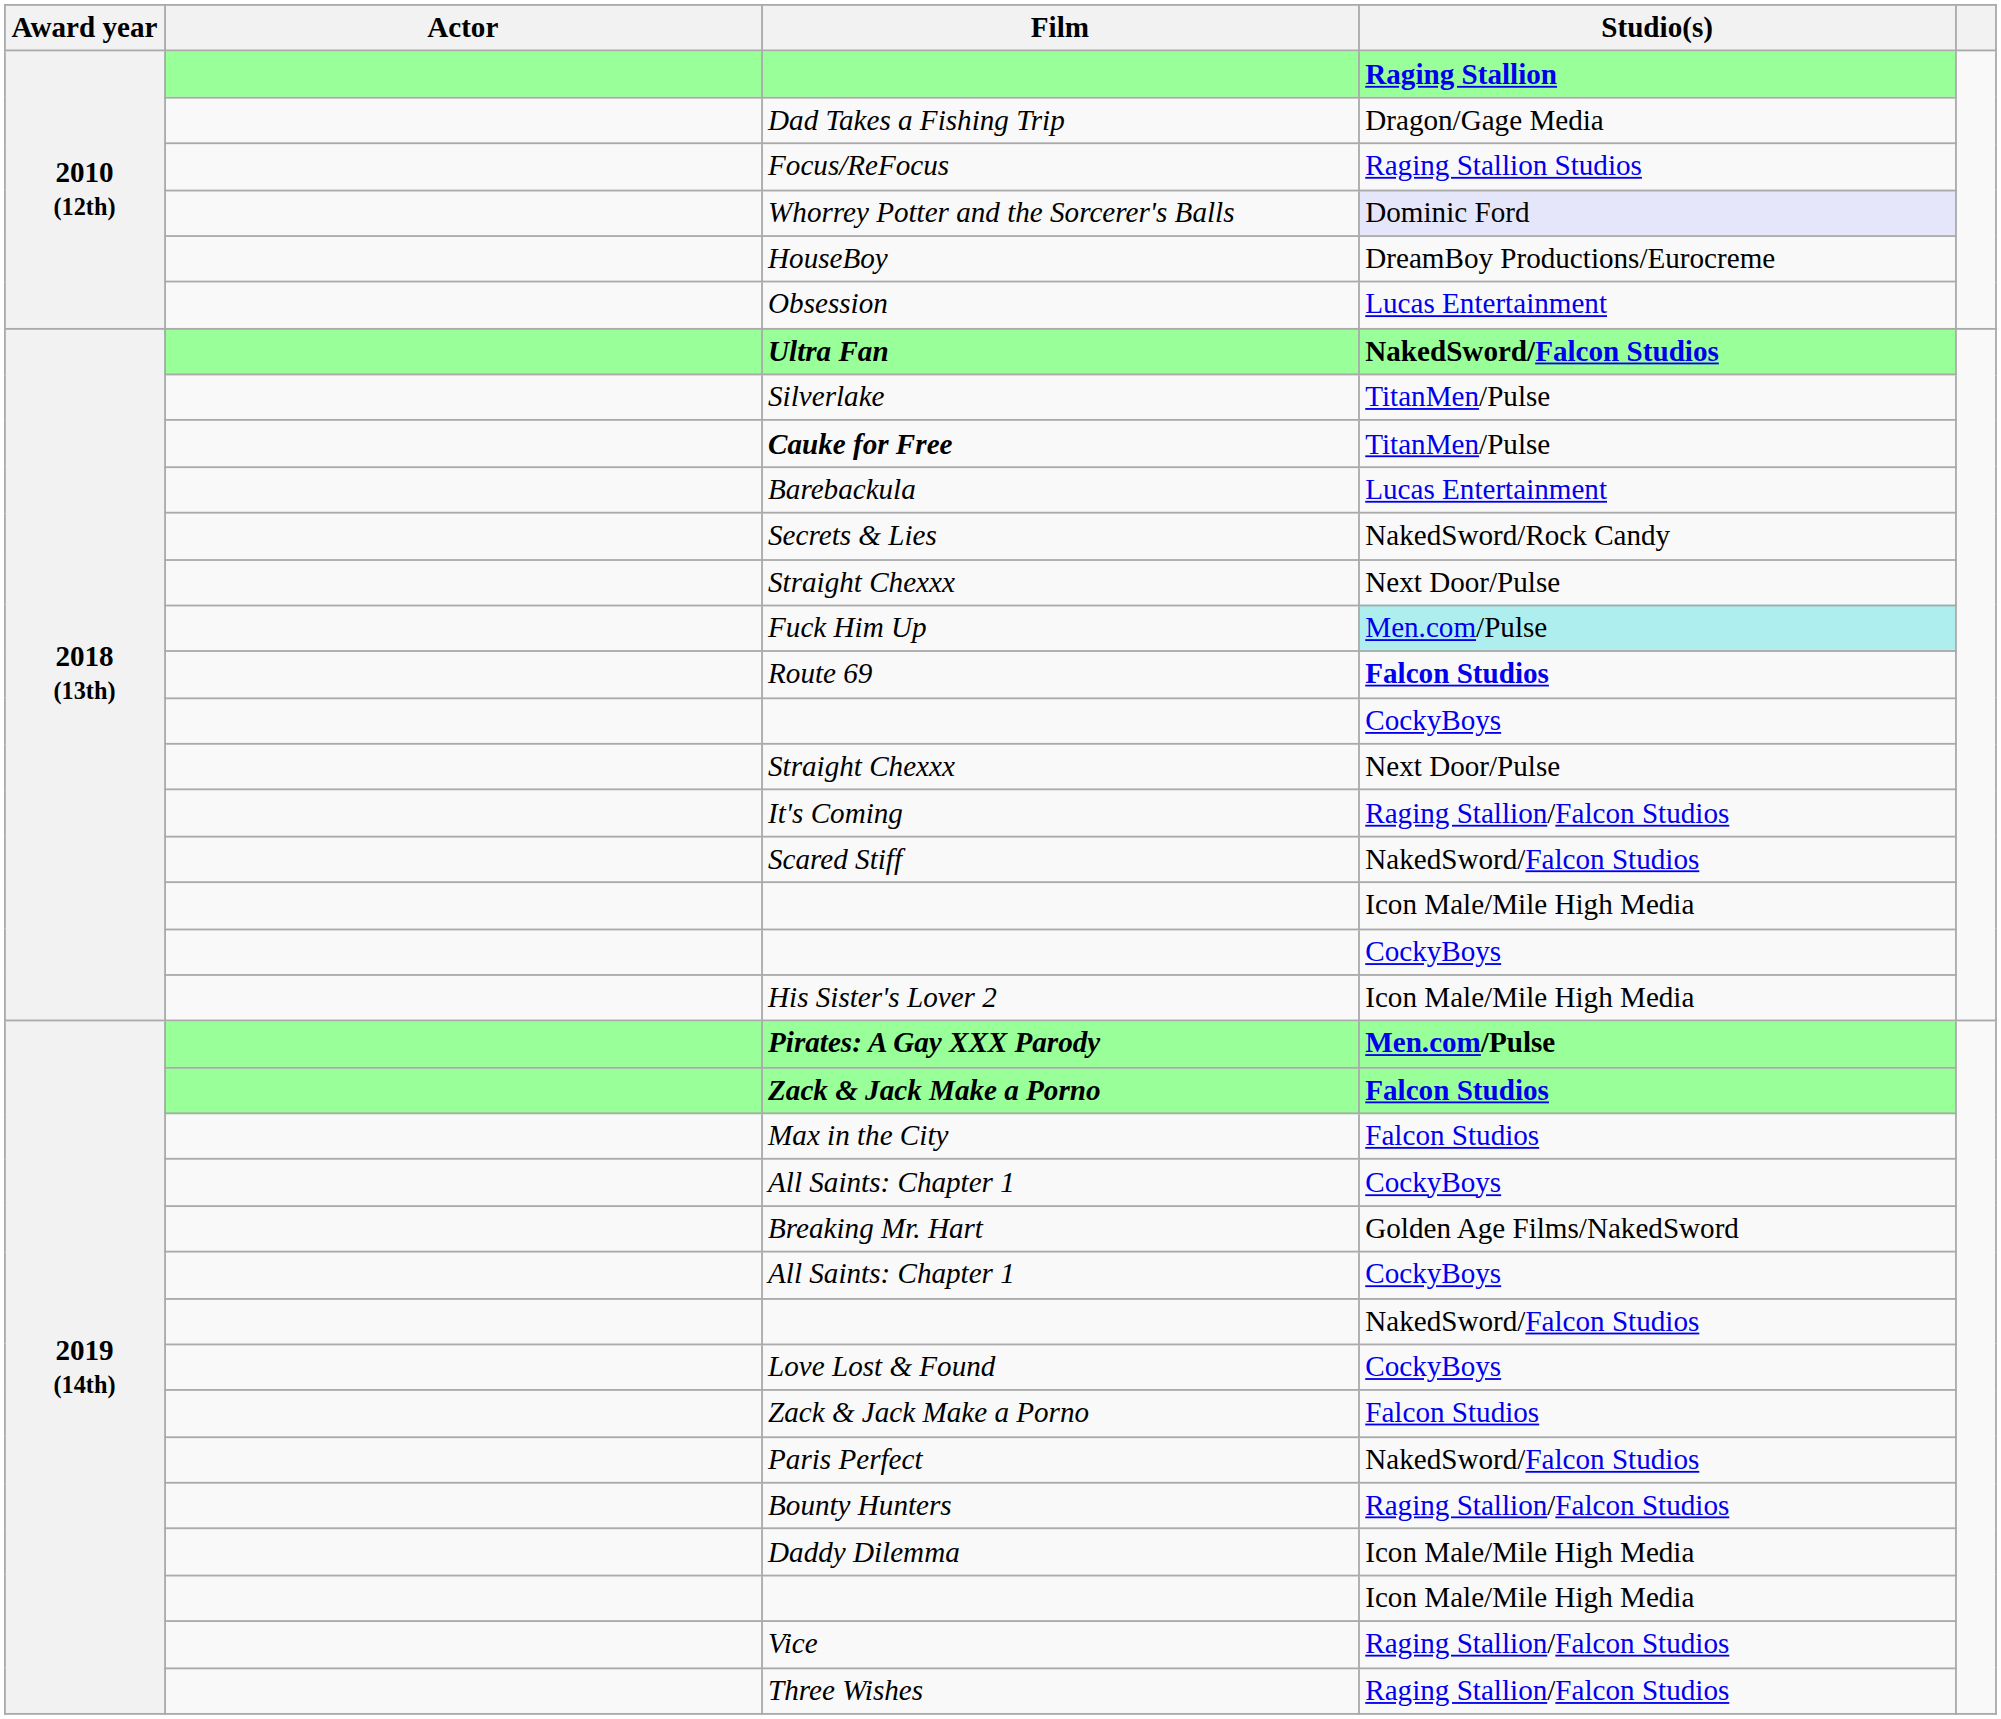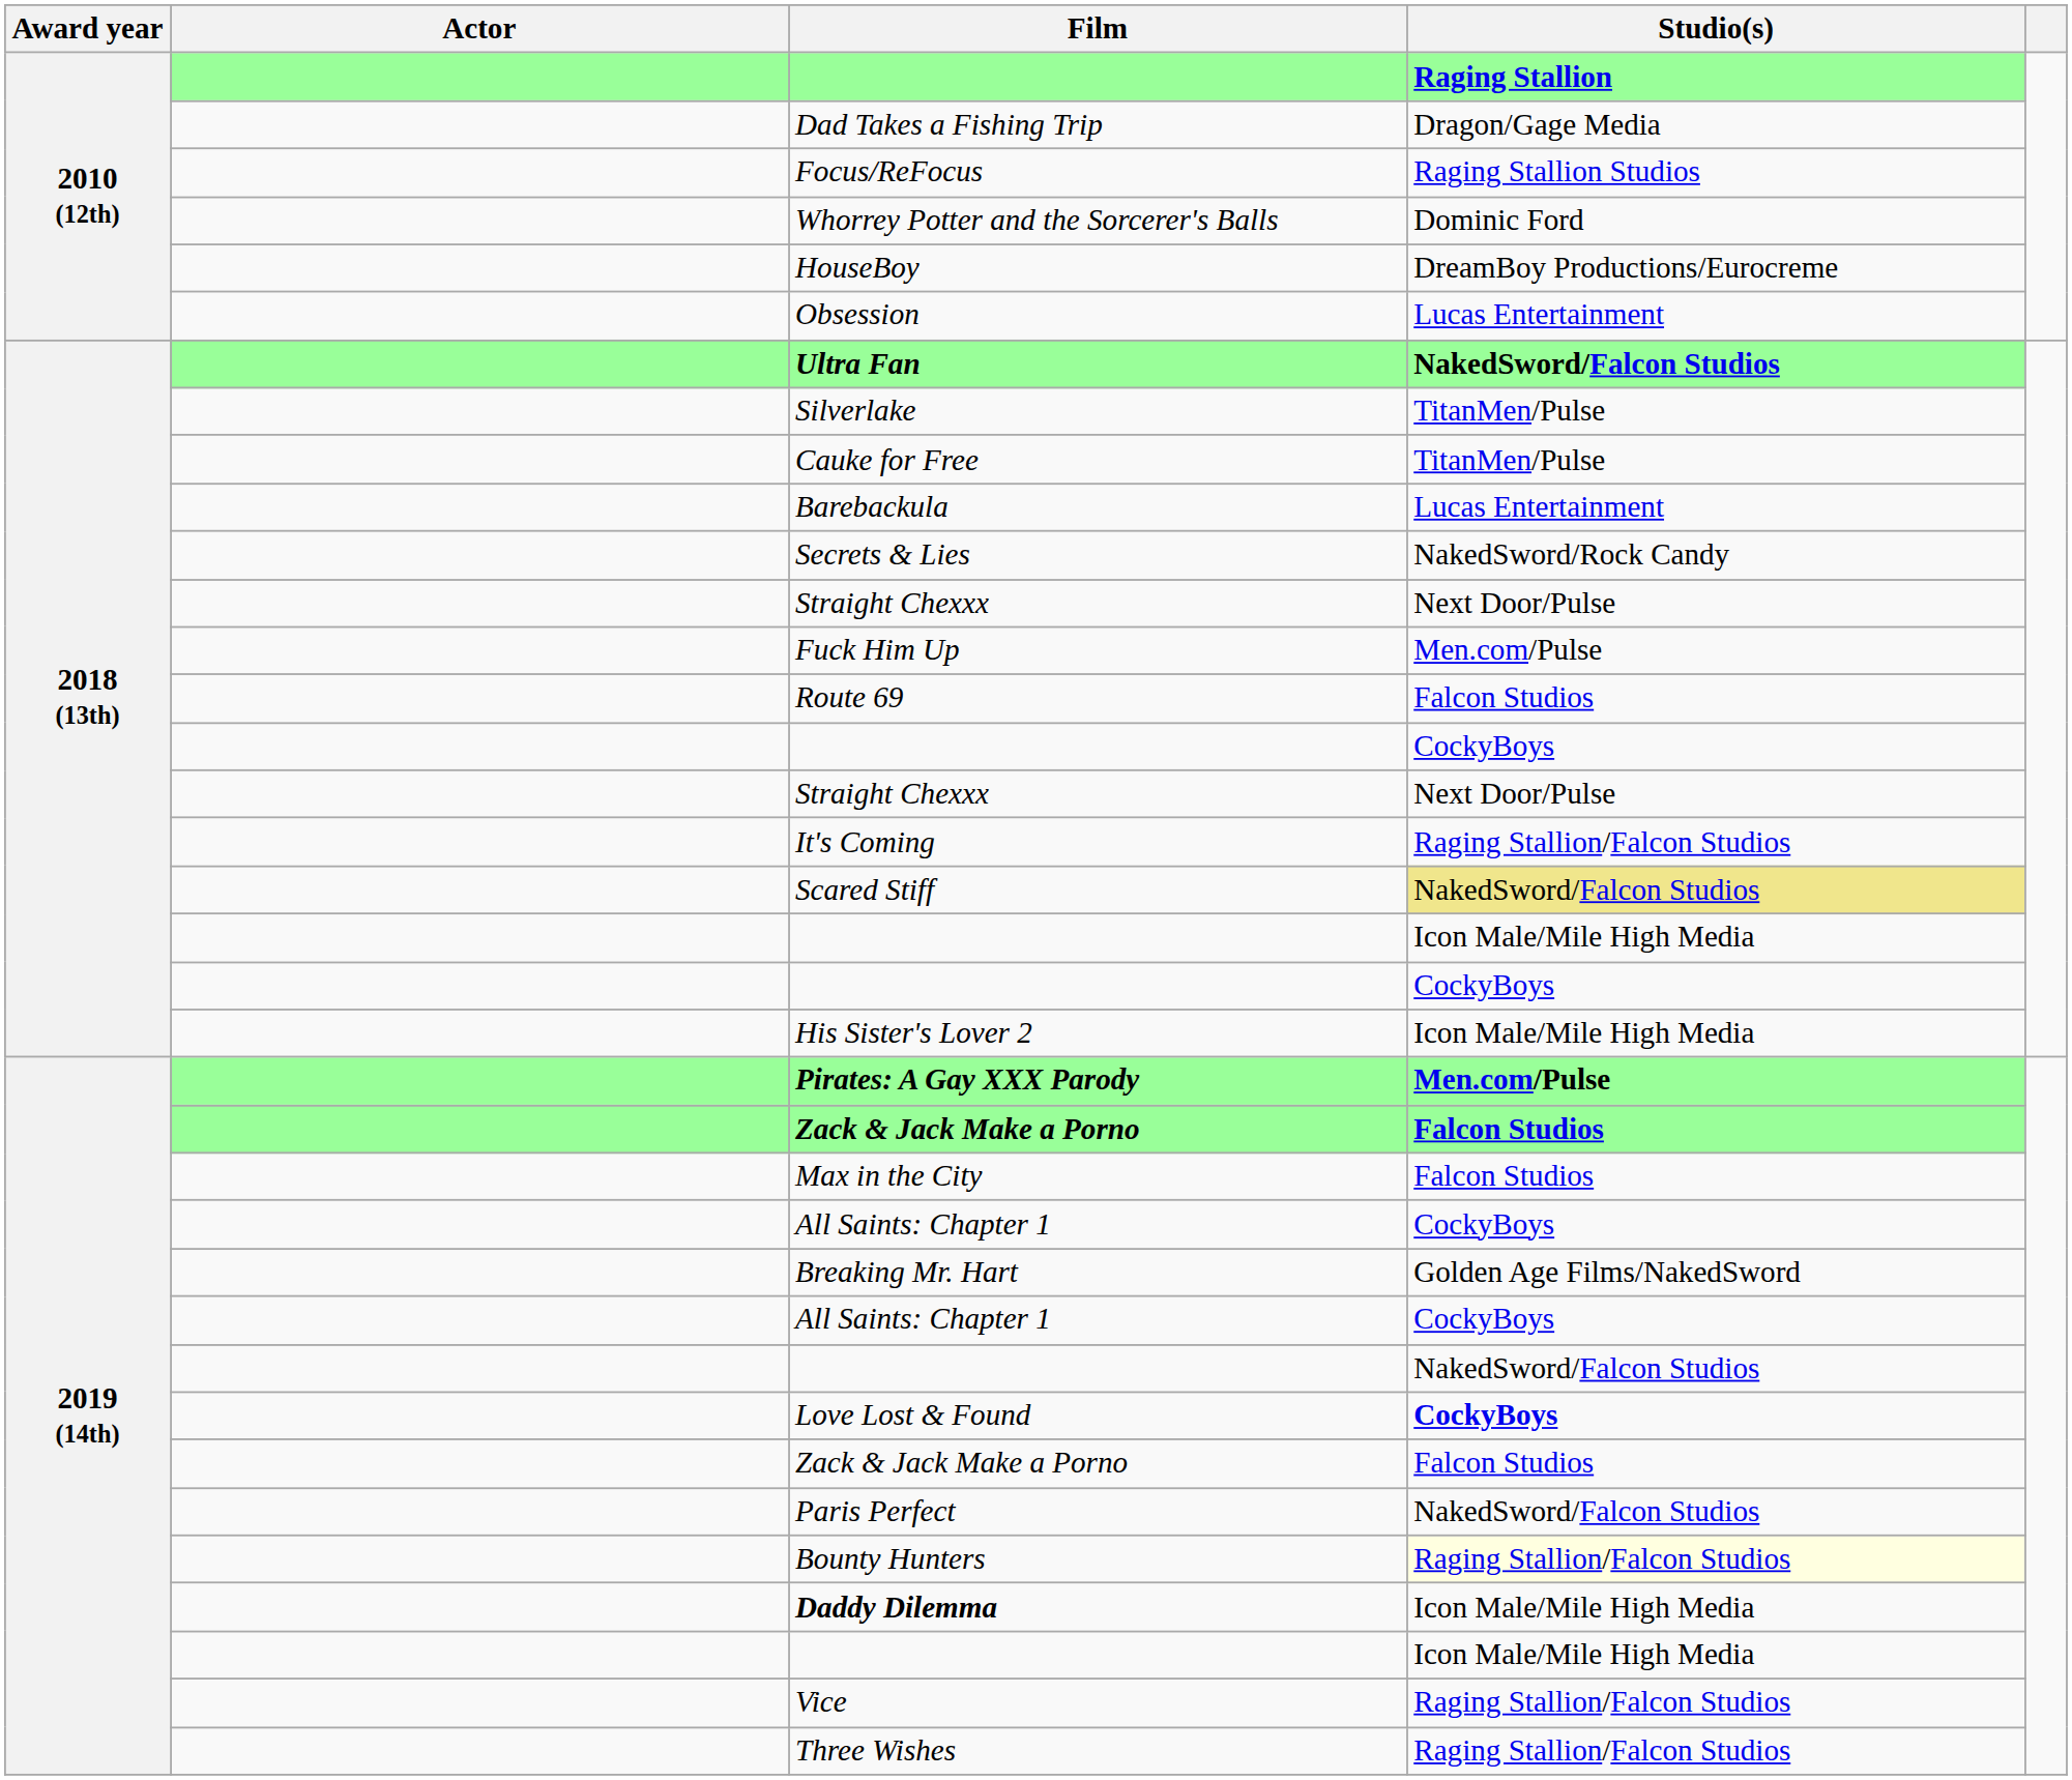 <table class="wikitable sortable">
 <tr>
 <th scope="col" style="width:8%">Award year</th>
 <th scope="col" style="width:30%">Actor</th>
 <th scope="col" style="width:30%">Film</th>
 <th scope="col" style="width:30%">Studio(s)</th>
 <th scope="col" style="width:2%" class="unsortable"></th>
 </tr>
 <tr>
 <th scope="rowgroup" rowspan="6" style="text-align:center">2010<br><small>(12th)</small></th>
 <td style="background:#99ff99;"><strong> </strong></td>
 <td style="background:#99ff99;"><strong><em></em></strong></td>
 <td style="background:#99ff99;"><strong><a href='#'>Raging Stallion</a></strong></td>
 <td rowspan="6" align=center></td>
 </tr>
 <tr>
 <td></td>
 <td><em>Dad Takes a Fishing Trip</em></td>
 <td>Dragon/Gage Media</td>
 </tr>
 <tr>
 <td></td>
 <td><em>Focus/ReFocus</em></td>
 <td><a href='#'>Raging Stallion Studios</a></td>
 </tr>
 <tr>
 <td></td>
 <td><em>Whorrey Potter and the Sorcerer's Balls</em></td>
-<td style="background: lavender;">Dominic Ford</td>
+<td>Dominic Ford</td>
 </tr>
 <tr>
 <td></td>
 <td><em>HouseBoy</em></td>
 <td>DreamBoy Productions/Eurocreme</td>
 </tr>
 <tr>
 <td></td>
 <td><em>Obsession</em></td>
 <td><a href='#'>Lucas Entertainment</a></td>
 </tr>
 <tr>
 <th scope="rowgroup" rowspan="15" style="text-align:center">2018<br><small>(13th)</small></th>
 <td style="background:#99ff99;"><strong> </strong></td>
 <td style="background:#99ff99;"><strong><em>Ultra Fan</em></strong></td>
 <td style="background:#99ff99;"><strong>NakedSword/<a href='#'>Falcon Studios</a></strong></td>
 <td rowspan="15" align=center><br></td>
 </tr>
 <tr>
 <td></td>
 <td><em>Silverlake</em></td>
 <td><a href='#'>TitanMen</a>/Pulse</td>
 </tr>
 <tr>
 <td></td>
-<td><strong><em>Cauke for Free</em></strong></td>
+<td><em>Cauke for Free</em></td>
 <td><a href='#'>TitanMen</a>/Pulse</td>
 </tr>
 <tr>
 <td></td>
 <td><em>Barebackula</em></td>
 <td><a href='#'>Lucas Entertainment</a></td>
 </tr>
 <tr>
 <td></td>
 <td><em>Secrets & Lies</em></td>
 <td>NakedSword/Rock Candy</td>
 </tr>
 <tr>
 <td></td>
 <td><em>Straight Chexxx</em></td>
 <td>Next Door/Pulse</td>
 </tr>
 <tr>
 <td></td>
 <td><em>Fuck Him Up</em></td>
-<td style="background: paleturquoise;"><a href='#'>Men.com</a>/Pulse</td>
+<td><a href='#'>Men.com</a>/Pulse</td>
 </tr>
 <tr>
 <td></td>
 <td><em>Route 69</em></td>
-<td><strong><a href='#'>Falcon Studios</a></strong></td>
+<td><a href='#'>Falcon Studios</a></td>
 </tr>
 <tr>
 <td></td>
 <td><em></em></td>
 <td><a href='#'>CockyBoys</a></td>
 </tr>
 <tr>
 <td></td>
 <td><em>Straight Chexxx</em></td>
 <td>Next Door/Pulse</td>
 </tr>
 <tr>
 <td></td>
 <td><em>It's Coming</em></td>
 <td><a href='#'>Raging Stallion</a>/<a href='#'>Falcon Studios</a></td>
 </tr>
 <tr>
 <td></td>
 <td><em>Scared Stiff</em></td>
-<td>NakedSword/<a href='#'>Falcon Studios</a></td>
+<td style="background: khaki;">NakedSword/<a href='#'>Falcon Studios</a></td>
 </tr>
 <tr>
 <td></td>
 <td><em></em></td>
 <td>Icon Male/Mile High Media</td>
 </tr>
 <tr>
 <td></td>
 <td><em></em></td>
 <td><a href='#'>CockyBoys</a></td>
 </tr>
 <tr>
 <td></td>
 <td><em>His Sister's Lover 2</em></td>
 <td>Icon Male/Mile High Media</td>
 </tr>
 <tr>
 <th scope="rowgroup" rowspan="15" style="text-align:center">2019<br><small>(14th)</small></th>
 <td style="background:#99ff99;"><strong> </strong></td>
 <td style="background:#99ff99;"><strong><em>Pirates: A Gay XXX Parody</em></strong></td>
 <td style="background:#99ff99;"><strong><a href='#'>Men.com</a>/Pulse</strong></td>
 <td rowspan="15" align=center><br></td>
 </tr>
 <tr>
 <td style="background:#99ff99;"><strong> </strong></td>
 <td style="background:#99ff99;"><strong><em>Zack & Jack Make a Porno</em></strong></td>
 <td style="background:#99ff99;"><strong><a href='#'>Falcon Studios</a></strong></td>
 </tr>
 <tr>
 <td></td>
 <td><em>Max in the City</em></td>
 <td><a href='#'>Falcon Studios</a></td>
 </tr>
 <tr>
 <td></td>
 <td><em>All Saints: Chapter 1</em></td>
 <td><a href='#'>CockyBoys</a></td>
 </tr>
 <tr>
 <td></td>
 <td><em>Breaking Mr. Hart</em></td>
 <td>Golden Age Films/NakedSword</td>
 </tr>
 <tr>
 <td></td>
 <td><em>All Saints: Chapter 1</em></td>
 <td><a href='#'>CockyBoys</a></td>
 </tr>
 <tr>
 <td></td>
 <td><em></em></td>
 <td>NakedSword/<a href='#'>Falcon Studios</a></td>
 </tr>
 <tr>
 <td></td>
 <td><em>Love Lost & Found</em></td>
-<td><a href='#'>CockyBoys</a></td>
+<td><strong><a href='#'>CockyBoys</a></strong></td>
 </tr>
 <tr>
 <td></td>
 <td><em>Zack & Jack Make a Porno</em></td>
 <td><a href='#'>Falcon Studios</a></td>
 </tr>
 <tr>
 <td></td>
 <td><em>Paris Perfect</em></td>
 <td>NakedSword/<a href='#'>Falcon Studios</a></td>
 </tr>
 <tr>
 <td></td>
 <td><em>Bounty Hunters</em></td>
-<td><a href='#'>Raging Stallion</a>/<a href='#'>Falcon Studios</a></td>
+<td style="background: lightyellow;"><a href='#'>Raging Stallion</a>/<a href='#'>Falcon Studios</a></td>
 </tr>
 <tr>
 <td></td>
-<td><em>Daddy Dilemma</em></td>
+<td><strong><em>Daddy Dilemma</em></strong></td>
 <td>Icon Male/Mile High Media</td>
 </tr>
 <tr>
 <td></td>
 <td><em></em></td>
 <td>Icon Male/Mile High Media</td>
 </tr>
 <tr>
 <td></td>
 <td><em>Vice</em></td>
 <td><a href='#'>Raging Stallion</a>/<a href='#'>Falcon Studios</a></td>
 </tr>
 <tr>
 <td></td>
 <td><em>Three Wishes</em></td>
 <td><a href='#'>Raging Stallion</a>/<a href='#'>Falcon Studios</a></td>
 </tr>
 </table>
